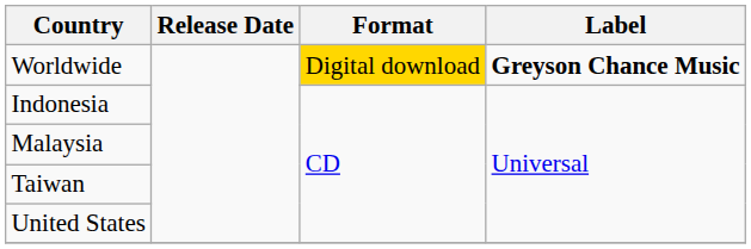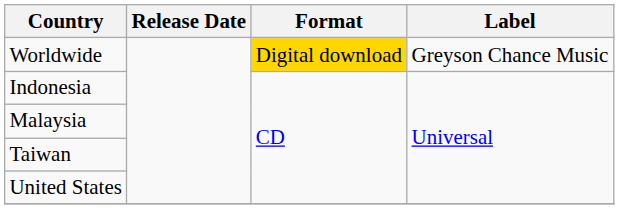 <table class="wikitable">
 <tr>
 <th>Country</th>
 <th>Release Date</th>
 <th>Format</th>
 <th>Label</th>
 </tr>
 <tr>
 <td rowspan="1">Worldwide</td>
 <td rowspan="5"></td>
 <td style="background: gold;">Digital download</td>
-<td><strong>Greyson Chance Music</strong></td>
+<td>Greyson Chance Music</td>
 </tr>
 <tr>
 <td>Indonesia</td>
 <td rowspan="4"><a href='#'>CD</a></td>
 <td rowspan="4"><a href='#'>Universal</a></td>
 </tr>
 <tr>
 <td>Malaysia</td>
 </tr>
 <tr>
 <td>Taiwan</td>
 </tr>
 <tr>
 <td>United States</td>
 </tr>
 <tr>
 </tr>
 </table>
